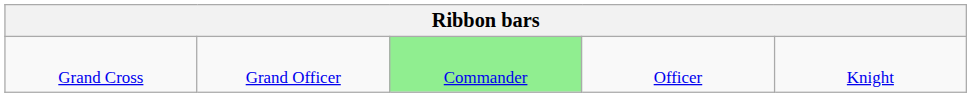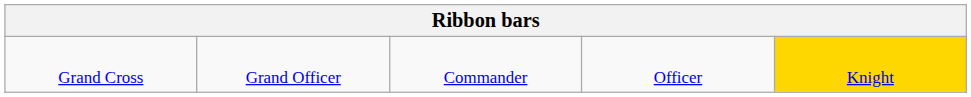 <table align=center class=wikitable width=60% style="margin-left: auto; margin-right: auto; border: none;">
 <tr>
 <th colspan=6><strong>Ribbon bars</strong></th>
 </tr>
 <tr>
 <td width=20% valign=top align=center><br> <small><a href='#'>Grand Cross</a></small></td>
 <td width=20% valign=top align=center><br> <small><a href='#'>Grand Officer</a></small></td>
-<td width=20% valign=top align=center style="background: lightgreen;"><br> <small><a href='#'>Commander</a></small></td>
+<td width=20% valign=top align=center><br> <small><a href='#'>Commander</a></small></td>
 <td width=20% valign=top align=center><br> <small><a href='#'>Officer</a></small></td>
-<td width=20% valign=top align=center><br> <small><a href='#'>Knight</a></small></td>
+<td width=20% valign=top align=center style="background: gold;"><br> <small><a href='#'>Knight</a></small></td>
 </tr>
 <tr>
 </tr>
 </table>
